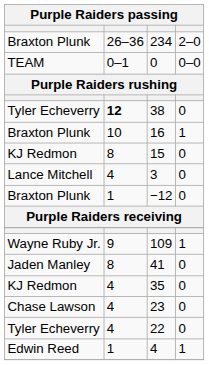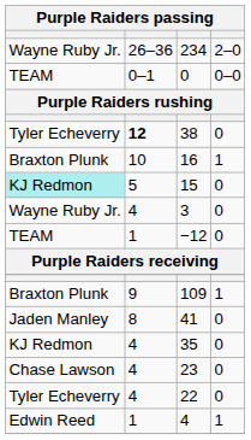 <table class="wikitable plainrowheaders">
 <tr>
 <th colspan="6">Purple Raiders passing</th>
 </tr>
 <tr>
 <th scope="col"></th>
 <th scope="col"></th>
 <th scope="col"></th>
 <th scope="col"></th>
 </tr>
 <tr>
-<td>Braxton Plunk</td>
+<td>Wayne Ruby Jr.</td>
 <td>26–36</td>
 <td>234</td>
 <td>2–0</td>
 </tr>
 <tr>
 <td>TEAM</td>
 <td>0–1</td>
 <td>0</td>
 <td>0–0</td>
 </tr>
 <tr>
 <th colspan="6">Purple Raiders rushing</th>
 </tr>
 <tr>
 <th scope="col"></th>
 <th scope="col"></th>
 <th scope="col"></th>
 <th scope="col"></th>
 </tr>
 <tr>
 <td>Tyler Echeverry</td>
 <td><strong>12</strong></td>
 <td>38</td>
 <td>0</td>
 </tr>
 <tr>
 <td>Braxton Plunk</td>
 <td>10</td>
 <td>16</td>
 <td>1</td>
 </tr>
 <tr>
-<td>KJ Redmon</td>
-<td>8</td>
+<td style="background: paleturquoise;">KJ Redmon</td>
+<td>5</td>
 <td>15</td>
 <td>0</td>
 </tr>
 <tr>
-<td>Lance Mitchell</td>
+<td>Wayne Ruby Jr.</td>
 <td>4</td>
 <td>3</td>
 <td>0</td>
 </tr>
 <tr>
-<td>Braxton Plunk</td>
+<td>TEAM</td>
 <td>1</td>
 <td>−12</td>
 <td>0</td>
 </tr>
 <tr>
 <th colspan="6">Purple Raiders receiving</th>
 </tr>
 <tr>
 </tr>
 <tr>
 <th scope="col"></th>
 <th scope="col"></th>
 <th scope="col"></th>
 <th scope="col"></th>
 </tr>
 <tr>
-<td>Wayne Ruby Jr.</td>
+<td>Braxton Plunk</td>
 <td>9</td>
 <td>109</td>
 <td>1</td>
 </tr>
 <tr>
 <td>Jaden Manley</td>
 <td>8</td>
 <td>41</td>
 <td>0</td>
 </tr>
 <tr>
 <td>KJ Redmon</td>
 <td>4</td>
 <td>35</td>
 <td>0</td>
 </tr>
 <tr>
 <td>Chase Lawson</td>
 <td>4</td>
 <td>23</td>
 <td>0</td>
 </tr>
 <tr>
 <td>Tyler Echeverry</td>
 <td>4</td>
 <td>22</td>
 <td>0</td>
 </tr>
 <tr>
 <td>Edwin Reed</td>
 <td>1</td>
 <td>4</td>
 <td>1</td>
 </tr>
 <tr>
 </tr>
 </table>
